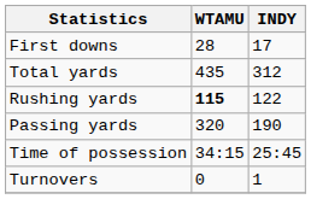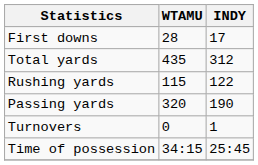 <table class="wikitable">
 <tr>
 <th>Statistics</th>
 <th>WTAMU</th>
 <th>INDY</th>
 </tr>
 <tr>
 <td>First downs</td>
 <td>28</td>
 <td>17</td>
 </tr>
 <tr>
 <td>Total yards</td>
 <td>435</td>
 <td>312</td>
 </tr>
 <tr>
 <td>Rushing yards</td>
-<td><strong>115</strong></td>
+<td>115</td>
 <td>122</td>
 </tr>
 <tr>
 <td>Passing yards</td>
 <td>320</td>
 <td>190</td>
 </tr>
 <tr>
+<td>Turnovers</td>
+<td>0</td>
+<td>1</td>
+</tr>
+<tr>
 <td>Time of possession</td>
 <td>34:15</td>
 <td>25:45</td>
 </tr>
 <tr>
-<td>Turnovers</td>
-<td>0</td>
-<td>1</td>
-</tr>
-<tr>
 </tr>
 </table>
